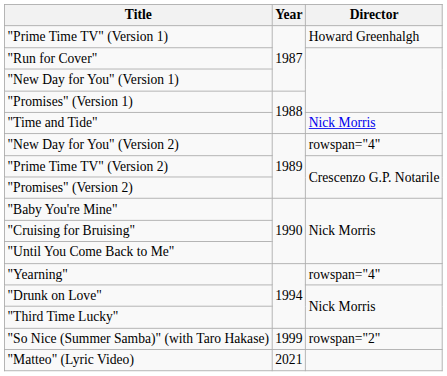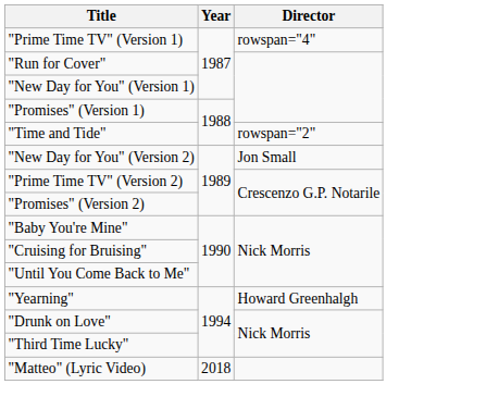 <table class="wikitable">
 <tr>
 <th>Title</th>
 <th>Year</th>
 <th>Director</th>
 </tr>
 <tr>
 <td>"Prime Time TV" (Version 1)</td>
 <td rowspan="3">1987</td>
-<td>Howard Greenhalgh</td>
+<td>rowspan="4" </td>
 </tr>
 <tr>
 <td>"Run for Cover"</td>
 </tr>
 <tr>
 <td>"New Day for You" (Version 1)</td>
 </tr>
 <tr>
 <td>"Promises" (Version 1)</td>
 <td rowspan="2">1988</td>
 </tr>
 <tr>
 <td>"Time and Tide"</td>
-<td><a href='#'>Nick Morris</a></td>
+<td>rowspan="2" </td>
 </tr>
 <tr>
 <td>"New Day for You" (Version 2)</td>
 <td rowspan="3">1989</td>
-<td>rowspan="4" </td>
+<td>Jon Small</td>
 </tr>
 <tr>
 <td>"Prime Time TV" (Version 2)</td>
 <td rowspan="2">Crescenzo G.P. Notarile</td>
 </tr>
 <tr>
 <td>"Promises" (Version 2)</td>
 </tr>
 <tr>
 <td>"Baby You're Mine"</td>
 <td rowspan="3">1990</td>
 <td rowspan="3">Nick Morris</td>
 </tr>
 <tr>
 <td>"Cruising for Bruising"</td>
 </tr>
 <tr>
 <td>"Until You Come Back to Me"</td>
 </tr>
 <tr>
 <td>"Yearning"</td>
 <td rowspan="3">1994</td>
-<td>rowspan="4" </td>
+<td>Howard Greenhalgh</td>
 </tr>
 <tr>
 <td>"Drunk on Love"</td>
 <td rowspan="2">Nick Morris</td>
 </tr>
 <tr>
 <td>"Third Time Lucky"</td>
 </tr>
 <tr>
-<td>"So Nice (Summer Samba)" (with Taro Hakase)</td>
-<td>1999</td>
-<td>rowspan="2" </td>
-</tr>
-<tr>
 <td>"Matteo" (Lyric Video)</td>
-<td>2021</td>
+<td>2018</td>
 </tr>
 </table>
